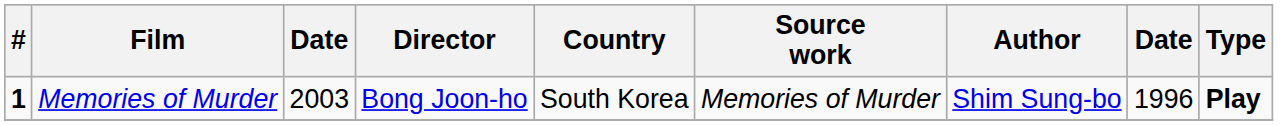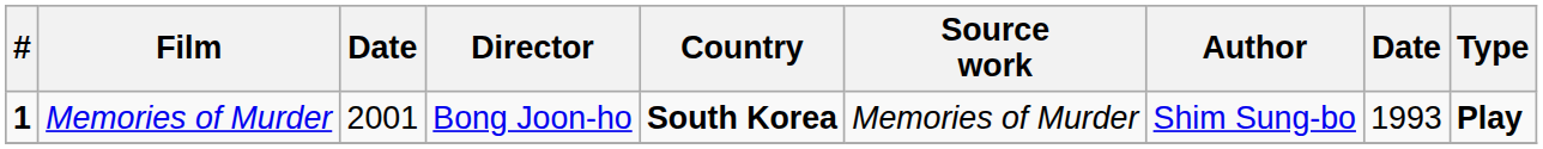 <table class="wikitable">
 <tr>
 <th>#</th>
 <th>Film</th>
 <th>Date</th>
 <th>Director</th>
 <th>Country</th>
 <th>Source<br>work</th>
 <th>Author</th>
 <th>Date</th>
 <th>Type</th>
 </tr>
 <tr>
 <td><strong>1</strong></td>
 <td><em><a href='#'>Memories of Murder</a></em></td>
-<td>2003</td>
+<td>2001</td>
 <td><a href='#'>Bong Joon-ho</a></td>
-<td>South Korea</td>
+<td><strong>South Korea</strong></td>
 <td><em>Memories of Murder</em></td>
 <td><a href='#'>Shim Sung-bo</a></td>
-<td>1996</td>
+<td>1993</td>
 <td><strong>Play</strong></td>
 </tr>
 <tr>
 </tr>
 </table>
